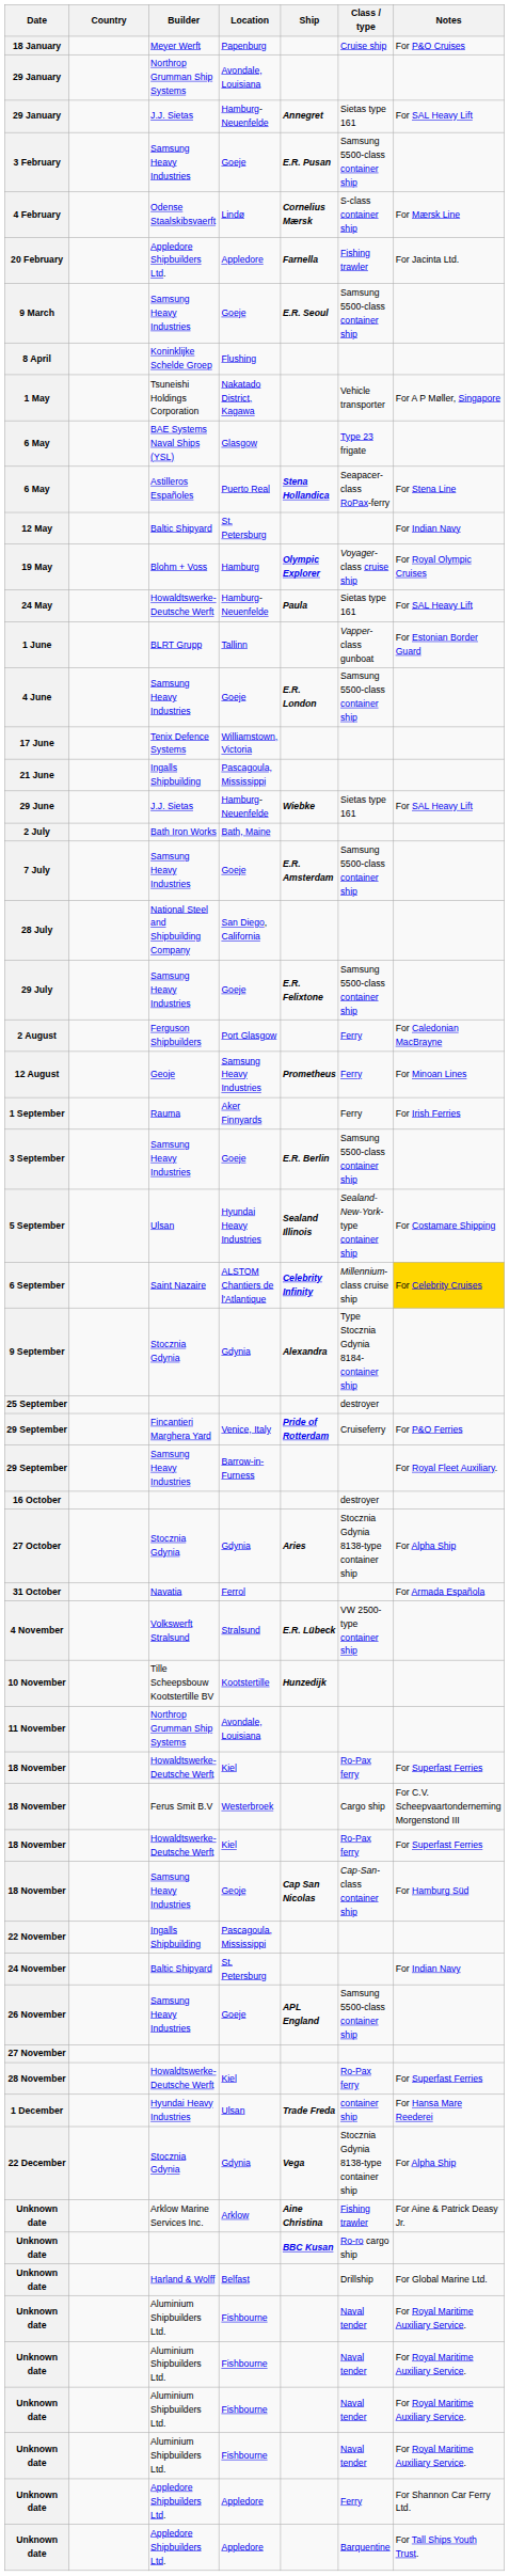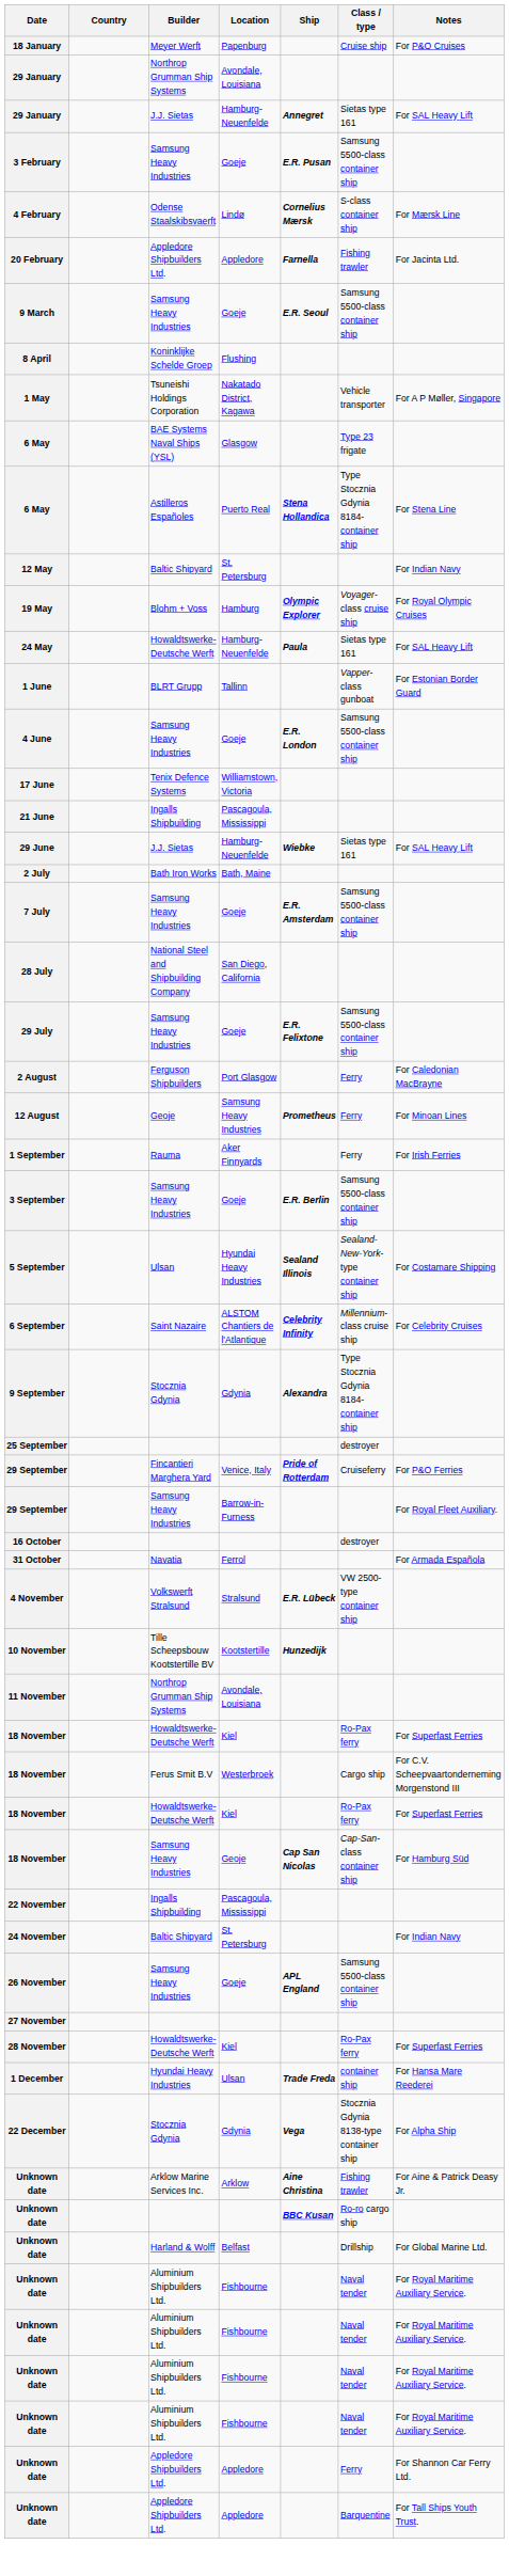 <table class="wikitable sortable" style="font-size:1.00em; line-height:1.5em;">
 <tr>
 <th width="100">Date</th>
 <th width="130">Country</th>
 <th>Builder</th>
 <th>Location</th>
 <th>Ship</th>
 <th>Class / type</th>
 <th>Notes</th>
 </tr>
 <tr>
 <th>18 January</th>
 <td></td>
 <td><a href='#'>Meyer Werft</a></td>
 <td><a href='#'>Papenburg</a></td>
 <td><strong></strong></td>
 <td><a href='#'>Cruise ship</a></td>
 <td>For <a href='#'>P&O Cruises</a></td>
 </tr>
 <tr>
 <th>29 January</th>
 <td></td>
 <td><a href='#'>Northrop Grumman Ship Systems</a></td>
 <td><a href='#'>Avondale, Louisiana</a></td>
 <td><strong></strong></td>
 <td></td>
 <td></td>
 </tr>
 <tr>
 <th>29 January</th>
 <td></td>
 <td><a href='#'>J.J. Sietas</a></td>
 <td><a href='#'>Hamburg</a>-<a href='#'>Neuenfelde</a></td>
 <td><strong><em>Annegret</em></strong></td>
 <td>Sietas type 161</td>
 <td>For <a href='#'>SAL Heavy Lift</a></td>
 </tr>
 <tr>
 <th>3 February</th>
 <td></td>
 <td><a href='#'>Samsung Heavy Industries</a></td>
 <td><a href='#'>Goeje</a></td>
 <td><strong><em>E.R. Pusan</em></strong></td>
 <td>Samsung 5500-class <a href='#'>container ship</a></td>
 <td></td>
 </tr>
 <tr>
 <th>4 February</th>
 <td></td>
 <td><a href='#'>Odense Staalskibsvaerft</a></td>
 <td><a href='#'>Lindø</a></td>
 <td><strong><em>Cornelius Mærsk</em></strong></td>
 <td>S-class <a href='#'>container ship</a></td>
 <td>For <a href='#'>Mærsk Line</a></td>
 </tr>
 <tr ---->
 <th>20 February</th>
 <td></td>
 <td><a href='#'>Appledore Shipbuilders Ltd</a>.</td>
 <td><a href='#'>Appledore</a></td>
 <td><strong><em>Farnella</em></strong></td>
 <td><a href='#'>Fishing trawler</a></td>
 <td>For Jacinta Ltd.</td>
 </tr>
 <tr>
 <th>9 March</th>
 <td></td>
 <td><a href='#'>Samsung Heavy Industries</a></td>
 <td><a href='#'>Goeje</a></td>
 <td><strong><em>E.R. Seoul</em></strong></td>
 <td>Samsung 5500-class <a href='#'>container ship</a></td>
 <td></td>
 </tr>
 <tr>
 <th>8 April</th>
 <td></td>
 <td><a href='#'>Koninklijke Schelde Groep</a></td>
 <td><a href='#'>Flushing</a></td>
 <td><strong></strong></td>
 <td></td>
 <td></td>
 </tr>
 <tr>
 <th>1 May</th>
 <td></td>
 <td>Tsuneishi Holdings Corporation</td>
 <td><a href='#'>Nakatado District, Kagawa</a></td>
 <td><strong></strong></td>
 <td>Vehicle transporter</td>
 <td>For A P Møller, <a href='#'>Singapore</a></td>
 </tr>
 <tr>
 <th>6 May</th>
 <td></td>
 <td><a href='#'>BAE Systems Naval Ships (YSL)</a></td>
 <td><a href='#'>Glasgow</a></td>
 <td><strong></strong></td>
 <td><a href='#'>Type 23</a> frigate</td>
 <td></td>
 </tr>
 <tr>
 <th>6 May</th>
 <td></td>
 <td><a href='#'>Astilleros Españoles</a></td>
 <td><a href='#'>Puerto Real</a></td>
 <td><strong><a href='#'><em>Stena Hollandica</em></a></strong></td>
-<td>Seapacer-class <a href='#'>RoPax</a>-ferry</td>
+<td>Type Stocznia Gdynia 8184-<a href='#'>container ship</a></td>
 <td>For <a href='#'>Stena Line</a></td>
 </tr>
 <tr>
 <th>12 May</th>
 <td></td>
 <td><a href='#'>Baltic Shipyard</a></td>
 <td><a href='#'>St. Petersburg</a></td>
 <td><strong></strong></td>
 <td></td>
 <td>For <a href='#'>Indian Navy</a></td>
 </tr>
 <tr>
 <th>19 May</th>
 <td></td>
 <td><a href='#'>Blohm + Voss</a></td>
 <td><a href='#'>Hamburg</a></td>
 <td><strong><em><a href='#'>Olympic Explorer</a></em></strong></td>
 <td><em>Voyager</em>-class <a href='#'>cruise ship</a></td>
 <td>For <a href='#'>Royal Olympic Cruises</a></td>
 </tr>
 <tr>
 <th>24 May</th>
 <td></td>
 <td><a href='#'>Howaldtswerke-Deutsche Werft</a></td>
 <td><a href='#'>Hamburg</a>-<a href='#'>Neuenfelde</a></td>
 <td><strong><em>Paula</em></strong></td>
 <td>Sietas type 161</td>
 <td>For <a href='#'>SAL Heavy Lift</a></td>
 </tr>
 <tr>
 <th>1 June</th>
 <td></td>
 <td><a href='#'>BLRT Grupp</a></td>
 <td><a href='#'>Tallinn</a></td>
 <td><strong></strong></td>
 <td><em>Vapper</em>-class gunboat</td>
 <td>For <a href='#'>Estonian Border Guard</a></td>
 </tr>
 <tr>
 <th>4 June</th>
 <td></td>
 <td><a href='#'>Samsung Heavy Industries</a></td>
 <td><a href='#'>Goeje</a></td>
 <td><strong><em>E.R. London</em></strong></td>
 <td>Samsung 5500-class <a href='#'>container ship</a></td>
 <td></td>
 </tr>
 <tr>
 <th>17 June</th>
 <td></td>
 <td><a href='#'>Tenix Defence Systems</a></td>
 <td><a href='#'>Williamstown, Victoria</a></td>
 <td><strong></strong></td>
 <td></td>
 <td></td>
 </tr>
 <tr>
 <th>21 June</th>
 <td></td>
 <td><a href='#'>Ingalls Shipbuilding</a></td>
 <td><a href='#'>Pascagoula, Mississippi</a></td>
 <td><strong></strong></td>
 <td></td>
 <td></td>
 </tr>
 <tr>
 <th>29 June</th>
 <td></td>
 <td><a href='#'>J.J. Sietas</a></td>
 <td><a href='#'>Hamburg</a>-<a href='#'>Neuenfelde</a></td>
 <td><strong><em>Wiebke</em></strong></td>
 <td>Sietas type 161</td>
 <td>For <a href='#'>SAL Heavy Lift</a></td>
 </tr>
 <tr>
 <th>2 July</th>
 <td></td>
 <td><a href='#'>Bath Iron Works</a></td>
 <td><a href='#'>Bath, Maine</a></td>
 <td><strong></strong></td>
 <td></td>
 <td></td>
 </tr>
 <tr>
 <th>7 July</th>
 <td></td>
 <td><a href='#'>Samsung Heavy Industries</a></td>
 <td><a href='#'>Goeje</a></td>
 <td><strong><em>E.R. Amsterdam</em></strong></td>
 <td>Samsung 5500-class <a href='#'>container ship</a></td>
 <td></td>
 </tr>
 <tr>
 <th>28 July</th>
 <td></td>
 <td><a href='#'>National Steel and Shipbuilding Company</a></td>
 <td><a href='#'>San Diego</a>, <a href='#'>California</a></td>
 <td><strong></strong></td>
 <td></td>
 <td></td>
 </tr>
 <tr>
 <th>29 July</th>
 <td></td>
 <td><a href='#'>Samsung Heavy Industries</a></td>
 <td><a href='#'>Goeje</a></td>
 <td><strong><em>E.R. Felixtone</em></strong></td>
 <td>Samsung 5500-class <a href='#'>container ship</a></td>
 <td></td>
 </tr>
 <tr>
 <th>2 August</th>
 <td></td>
 <td><a href='#'>Ferguson Shipbuilders</a></td>
 <td><a href='#'>Port Glasgow</a></td>
 <td><strong></strong></td>
 <td><a href='#'>Ferry</a></td>
 <td>For <a href='#'>Caledonian MacBrayne</a></td>
 </tr>
 <tr>
 <th>12 August</th>
 <td></td>
 <td><a href='#'>Geoje</a></td>
 <td><a href='#'>Samsung Heavy Industries</a></td>
 <td><strong><em>Prometheus</em></strong></td>
 <td><a href='#'>Ferry</a></td>
 <td>For <a href='#'>Minoan Lines</a></td>
 </tr>
 <tr>
 <th>1 September</th>
 <td></td>
 <td><a href='#'>Rauma</a></td>
 <td><a href='#'>Aker Finnyards</a></td>
 <td><strong></strong></td>
 <td>Ferry</td>
 <td>For <a href='#'>Irish Ferries</a></td>
 </tr>
 <tr>
 <th>3 September</th>
 <td></td>
 <td><a href='#'>Samsung Heavy Industries</a></td>
 <td><a href='#'>Goeje</a></td>
 <td><strong><em>E.R. Berlin</em></strong></td>
 <td>Samsung 5500-class <a href='#'>container ship</a></td>
 <td></td>
 </tr>
 <tr>
 <th>5 September</th>
 <td></td>
 <td><a href='#'>Ulsan</a></td>
 <td><a href='#'>Hyundai Heavy Industries</a></td>
 <td><strong><em>Sealand Illinois</em></strong></td>
 <td><em>Sealand-New-York</em>-type <a href='#'>container ship</a></td>
 <td>For <a href='#'>Costamare Shipping</a></td>
 </tr>
 <tr>
 <th>6 September</th>
 <td></td>
 <td><a href='#'>Saint Nazaire</a></td>
 <td><a href='#'>ALSTOM Chantiers de l'Atlantique</a></td>
 <td><strong><em><a href='#'>Celebrity Infinity</a></em></strong></td>
 <td><em>Millennium</em>-class cruise ship</td>
-<td style="background: gold;">For <a href='#'>Celebrity Cruises</a></td>
+<td>For <a href='#'>Celebrity Cruises</a></td>
 </tr>
 <tr>
 <th>9 September</th>
 <td></td>
 <td><a href='#'>Stocznia Gdynia</a></td>
 <td><a href='#'>Gdynia</a></td>
 <td><strong><em>Alexandra</em></strong></td>
 <td>Type Stocznia Gdynia 8184-<a href='#'>container ship</a></td>
 <td></td>
 </tr>
 <tr>
 <th>25 September</th>
 <td></td>
 <td></td>
 <td></td>
 <td><strong></strong></td>
 <td> destroyer</td>
 <td></td>
 </tr>
 <tr>
 <th>29 September</th>
 <td></td>
 <td><a href='#'>Fincantieri</a> <a href='#'>Marghera Yard</a></td>
 <td><a href='#'>Venice, Italy</a></td>
 <td><strong><em><a href='#'>Pride of Rotterdam</a></em></strong></td>
 <td>Cruiseferry</td>
 <td>For <a href='#'>P&O Ferries</a></td>
 </tr>
 <tr ---->
 <th>29 September</th>
 <td></td>
 <td><a href='#'>Samsung Heavy Industries</a></td>
 <td><a href='#'>Barrow-in-Furness</a></td>
 <td><strong></strong></td>
 <td></td>
 <td>For <a href='#'>Royal Fleet Auxiliary</a>.</td>
 </tr>
 <tr>
 <th>16 October</th>
 <td></td>
 <td></td>
 <td></td>
 <td><strong></strong></td>
 <td> destroyer</td>
 <td></td>
-</tr>
-<tr>
-<th>27 October</th>
-<td></td>
-<td><a href='#'>Stocznia Gdynia</a></td>
-<td><a href='#'>Gdynia</a></td>
-<td><strong><em>Aries</em></strong></td>
-<td>Stocznia Gdynia 8138-type container ship</td>
-<td>For <a href='#'>Alpha Ship</a></td>
 </tr>
 <tr>
 <th>31 October</th>
 <td></td>
 <td><a href='#'>Navatia</a></td>
 <td><a href='#'>Ferrol</a></td>
 <td><strong></strong></td>
 <td></td>
 <td>For <a href='#'>Armada Española</a></td>
 </tr>
 <tr>
 <th>4 November</th>
 <td></td>
 <td><a href='#'>Volkswerft Stralsund</a></td>
 <td><a href='#'>Stralsund</a></td>
 <td><strong><em>E.R. Lübeck</em></strong></td>
 <td>VW 2500-type <a href='#'>container ship</a></td>
 <td></td>
 </tr>
 <tr>
 <th>10 November</th>
 <td></td>
 <td>Tille Scheepsbouw Kootstertille BV</td>
 <td><a href='#'>Kootstertille</a></td>
 <td><strong><em>Hunzedijk</em></strong></td>
 <td></td>
 <td></td>
 </tr>
 <tr>
 <th>11 November</th>
 <td></td>
 <td><a href='#'>Northrop Grumman Ship Systems</a></td>
 <td><a href='#'>Avondale, Louisiana</a></td>
 <td><strong></strong></td>
 <td></td>
 <td></td>
 </tr>
 <tr>
 <th>18 November</th>
 <td></td>
 <td><a href='#'>Howaldtswerke-Deutsche Werft</a></td>
 <td><a href='#'>Kiel</a></td>
 <td><strong></strong></td>
 <td><a href='#'>Ro-Pax</a> <a href='#'>ferry</a></td>
 <td>For <a href='#'>Superfast Ferries</a></td>
 </tr>
 <tr>
 <th>18 November</th>
 <td></td>
 <td>Ferus Smit B.V</td>
 <td><a href='#'>Westerbroek</a></td>
 <td><strong></strong></td>
 <td>Cargo ship</td>
 <td>For C.V. Scheepvaartonderneming Morgenstond III</td>
 </tr>
 <tr>
 <th>18 November</th>
 <td></td>
 <td><a href='#'>Howaldtswerke-Deutsche Werft</a></td>
 <td><a href='#'>Kiel</a></td>
 <td><strong></strong></td>
 <td><a href='#'>Ro-Pax</a> <a href='#'>ferry</a></td>
 <td>For <a href='#'>Superfast Ferries</a></td>
 </tr>
 <tr>
 <th>18 November</th>
 <td></td>
 <td><a href='#'>Samsung Heavy Industries</a></td>
 <td><a href='#'>Geoje</a></td>
 <td><strong><em>Cap San Nicolas</em></strong></td>
 <td><em>Cap-San</em>-class <a href='#'>container ship</a></td>
 <td>For <a href='#'>Hamburg Süd</a></td>
 </tr>
 <tr>
 <th>22 November</th>
 <td></td>
 <td><a href='#'>Ingalls Shipbuilding</a></td>
 <td><a href='#'>Pascagoula, Mississippi</a></td>
 <td><strong></strong></td>
 <td></td>
 <td></td>
 </tr>
 <tr>
 <th>24 November</th>
 <td></td>
 <td><a href='#'>Baltic Shipyard</a></td>
 <td><a href='#'>St. Petersburg</a></td>
 <td><strong></strong></td>
 <td></td>
 <td>For <a href='#'>Indian Navy</a></td>
 </tr>
 <tr>
 <th>26 November</th>
 <td></td>
 <td><a href='#'>Samsung Heavy Industries</a></td>
 <td><a href='#'>Goeje</a></td>
 <td><strong><em>APL England</em></strong></td>
 <td>Samsung 5500-class <a href='#'>container ship</a></td>
 <td></td>
 </tr>
 <tr>
 <th>27 November</th>
 <td></td>
 <td></td>
 <td></td>
 <td><strong></strong></td>
 <td></td>
 <td></td>
 </tr>
 <tr>
 <th>28 November</th>
 <td></td>
 <td><a href='#'>Howaldtswerke-Deutsche Werft</a></td>
 <td><a href='#'>Kiel</a></td>
 <td><strong></strong></td>
 <td><a href='#'>Ro-Pax</a> <a href='#'>ferry</a></td>
 <td>For <a href='#'>Superfast Ferries</a></td>
 </tr>
 <tr>
 <th>1 December</th>
 <td></td>
 <td><a href='#'>Hyundai Heavy Industries</a></td>
 <td><a href='#'>Ulsan</a></td>
 <td><strong><em>Trade Freda</em></strong></td>
 <td><a href='#'>container ship</a></td>
 <td>For <a href='#'>Hansa Mare Reederei</a></td>
 </tr>
 <tr>
 <th>22 December</th>
 <td></td>
 <td><a href='#'>Stocznia Gdynia</a></td>
 <td><a href='#'>Gdynia</a></td>
 <td><strong><em>Vega</em></strong></td>
 <td>Stocznia Gdynia 8138-type container ship</td>
 <td>For <a href='#'>Alpha Ship</a></td>
 </tr>
 <tr ---->
 <th>Unknown date</th>
 <td></td>
 <td>Arklow Marine Services Inc.</td>
 <td><a href='#'>Arklow</a></td>
 <td><strong><em>Aine Christina</em></strong></td>
 <td><a href='#'>Fishing trawler</a></td>
 <td>For Aine & Patrick Deasy Jr.</td>
 </tr>
 <tr>
 <th>Unknown date</th>
 <td></td>
 <td></td>
 <td></td>
 <td><strong><em><a href='#'>BBC Kusan</a></em></strong></td>
 <td><a href='#'>Ro-ro</a> cargo ship</td>
 <td></td>
 </tr>
 <tr ---->
 <th>Unknown date</th>
 <td></td>
 <td><a href='#'>Harland & Wolff</a></td>
 <td><a href='#'>Belfast</a></td>
 <td><strong></strong></td>
 <td>Drillship</td>
 <td>For Global Marine Ltd.</td>
 </tr>
 <tr ---->
 <th>Unknown date</th>
 <td></td>
 <td>Aluminium Shipbuilders Ltd.</td>
 <td><a href='#'>Fishbourne</a></td>
 <td><strong></strong></td>
 <td><a href='#'>Naval tender</a></td>
 <td>For <a href='#'>Royal Maritime Auxiliary Service</a>.</td>
 </tr>
 <tr ---->
 <th>Unknown date</th>
 <td></td>
 <td>Aluminium Shipbuilders Ltd.</td>
 <td><a href='#'>Fishbourne</a></td>
 <td><strong></strong></td>
 <td><a href='#'>Naval tender</a></td>
 <td>For <a href='#'>Royal Maritime Auxiliary Service</a>.</td>
 </tr>
 <tr ---->
 <th>Unknown date</th>
 <td></td>
 <td>Aluminium Shipbuilders Ltd.</td>
 <td><a href='#'>Fishbourne</a></td>
 <td><strong></strong></td>
 <td><a href='#'>Naval tender</a></td>
 <td>For <a href='#'>Royal Maritime Auxiliary Service</a>.</td>
 </tr>
 <tr ---->
 <th>Unknown date</th>
 <td></td>
 <td>Aluminium Shipbuilders Ltd.</td>
 <td><a href='#'>Fishbourne</a></td>
 <td><strong></strong></td>
 <td><a href='#'>Naval tender</a></td>
 <td>For <a href='#'>Royal Maritime Auxiliary Service</a>.</td>
 </tr>
 <tr ---->
 <th>Unknown date</th>
 <td></td>
 <td><a href='#'>Appledore Shipbuilders Ltd</a>.</td>
 <td><a href='#'>Appledore</a></td>
 <td><strong></strong></td>
 <td><a href='#'>Ferry</a></td>
 <td>For Shannon Car Ferry Ltd.</td>
 </tr>
 <tr ---->
 <th>Unknown date</th>
 <td></td>
 <td><a href='#'>Appledore Shipbuilders Ltd</a>.</td>
 <td><a href='#'>Appledore</a></td>
 <td><strong></strong></td>
 <td><a href='#'>Barquentine</a></td>
 <td>For <a href='#'>Tall Ships Youth Trust</a>.</td>
 </tr>
 </table>
